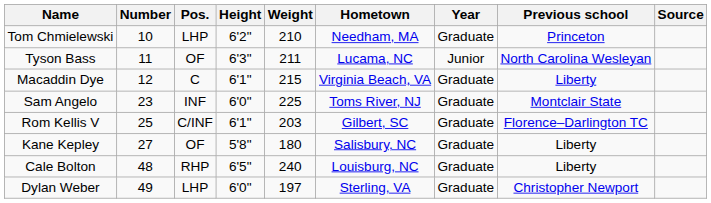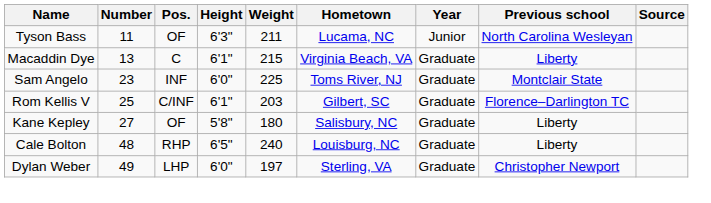 <table class="wikitable sortable sortable" style="text-align: center">
 <tr align=center>
 <th>Name</th>
 <th>Number</th>
 <th>Pos.</th>
 <th>Height</th>
 <th>Weight</th>
 <th>Hometown</th>
 <th>Year</th>
 <th>Previous school</th>
 <th>Source</th>
-</tr>
-<tr>
-<td>Tom Chmielewski</td>
-<td>10</td>
-<td>LHP</td>
-<td>6'2"</td>
-<td>210</td>
-<td><a href='#'>Needham, MA</a></td>
-<td>Graduate</td>
-<td><a href='#'>Princeton</a></td>
-<td></td>
 </tr>
 <tr>
 <td>Tyson Bass</td>
 <td>11</td>
 <td>OF</td>
 <td>6'3"</td>
 <td>211</td>
 <td><a href='#'>Lucama, NC</a></td>
 <td>Junior</td>
 <td><a href='#'>North Carolina Wesleyan</a></td>
 <td></td>
 </tr>
 <tr>
 <td>Macaddin Dye</td>
-<td>12</td>
+<td>13</td>
 <td>C</td>
 <td>6'1"</td>
 <td>215</td>
 <td><a href='#'>Virginia Beach, VA</a></td>
 <td>Graduate</td>
 <td><a href='#'>Liberty</a></td>
 <td></td>
 </tr>
 <tr>
 <td>Sam Angelo</td>
 <td>23</td>
 <td>INF</td>
 <td>6'0"</td>
 <td>225</td>
 <td><a href='#'>Toms River, NJ</a></td>
 <td>Graduate</td>
 <td><a href='#'>Montclair State</a></td>
 <td></td>
 </tr>
 <tr>
 <td>Rom Kellis V</td>
 <td>25</td>
 <td>C/INF</td>
 <td>6'1"</td>
 <td>203</td>
 <td><a href='#'>Gilbert, SC</a></td>
 <td>Graduate</td>
 <td><a href='#'>Florence–Darlington TC</a></td>
 <td></td>
 </tr>
 <tr>
 <td>Kane Kepley</td>
 <td>27</td>
 <td>OF</td>
 <td>5'8"</td>
 <td>180</td>
 <td><a href='#'>Salisbury, NC</a></td>
 <td>Graduate</td>
 <td>Liberty</td>
 <td></td>
 </tr>
 <tr>
 <td>Cale Bolton</td>
 <td>48</td>
 <td>RHP</td>
 <td>6'5"</td>
 <td>240</td>
 <td><a href='#'>Louisburg, NC</a></td>
 <td>Graduate</td>
 <td>Liberty</td>
 <td></td>
 </tr>
 <tr>
 <td>Dylan Weber</td>
 <td>49</td>
 <td>LHP</td>
 <td>6'0"</td>
 <td>197</td>
 <td><a href='#'>Sterling, VA</a></td>
 <td>Graduate</td>
 <td><a href='#'>Christopher Newport</a></td>
 <td></td>
 </tr>
 </table>
